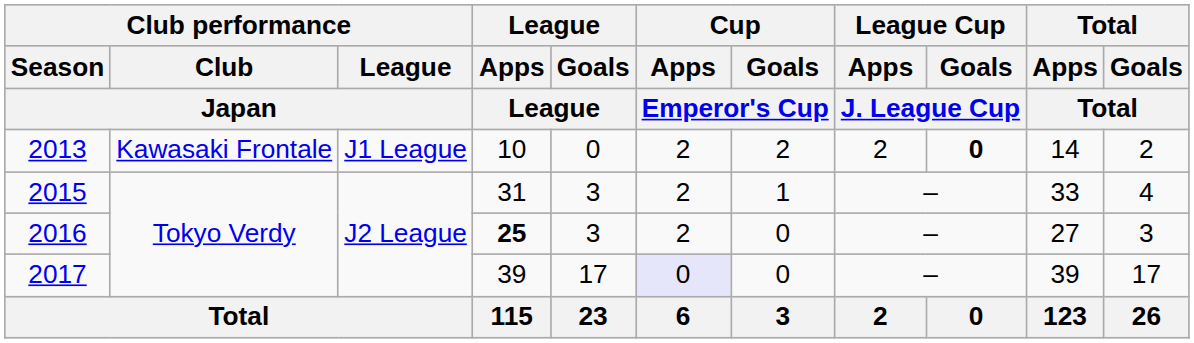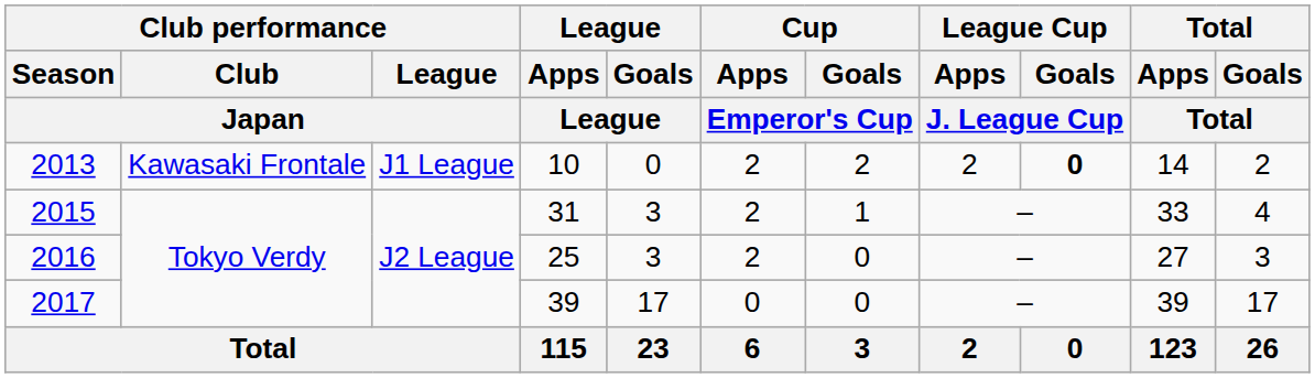 <table class="wikitable" style="text-align:center;">
 <tr>
 <th colspan=3>Club performance</th>
 <th colspan=2>League</th>
 <th colspan=2>Cup</th>
 <th colspan=2>League Cup</th>
 <th colspan=2>Total</th>
 </tr>
 <tr>
 <th>Season</th>
 <th>Club</th>
 <th>League</th>
 <th>Apps</th>
 <th>Goals</th>
 <th>Apps</th>
 <th>Goals</th>
 <th>Apps</th>
 <th>Goals</th>
 <th>Apps</th>
 <th>Goals</th>
 </tr>
 <tr>
 <th colspan=3>Japan</th>
 <th colspan=2>League</th>
 <th colspan=2><a href='#'>Emperor's Cup</a></th>
 <th colspan=2><a href='#'>J. League Cup</a></th>
 <th colspan=2>Total</th>
 </tr>
 <tr>
 <td><a href='#'>2013</a></td>
 <td><a href='#'>Kawasaki Frontale</a></td>
 <td><a href='#'>J1 League</a></td>
 <td>10</td>
 <td>0</td>
 <td>2</td>
 <td>2</td>
 <td>2</td>
 <td><strong>0</strong></td>
 <td>14</td>
 <td>2</td>
 </tr>
 <tr>
 <td><a href='#'>2015</a></td>
 <td rowspan="3"><a href='#'>Tokyo Verdy</a></td>
 <td rowspan="3"><a href='#'>J2 League</a></td>
 <td>31</td>
 <td>3</td>
 <td>2</td>
 <td>1</td>
 <td colspan="2">–</td>
 <td>33</td>
 <td>4</td>
 </tr>
 <tr>
 <td><a href='#'>2016</a></td>
-<td><strong>25</strong></td>
+<td>25</td>
 <td>3</td>
 <td>2</td>
 <td>0</td>
 <td colspan="2">–</td>
 <td>27</td>
 <td>3</td>
 </tr>
 <tr>
 <td><a href='#'>2017</a></td>
 <td>39</td>
 <td>17</td>
-<td style="background: lavender;">0</td>
+<td>0</td>
 <td>0</td>
 <td colspan="2">–</td>
 <td>39</td>
 <td>17</td>
 </tr>
 <tr>
 <th colspan=3>Total</th>
 <th>115</th>
 <th>23</th>
 <th>6</th>
 <th>3</th>
 <th>2</th>
 <th>0</th>
 <th>123</th>
 <th>26</th>
 </tr>
 </table>
